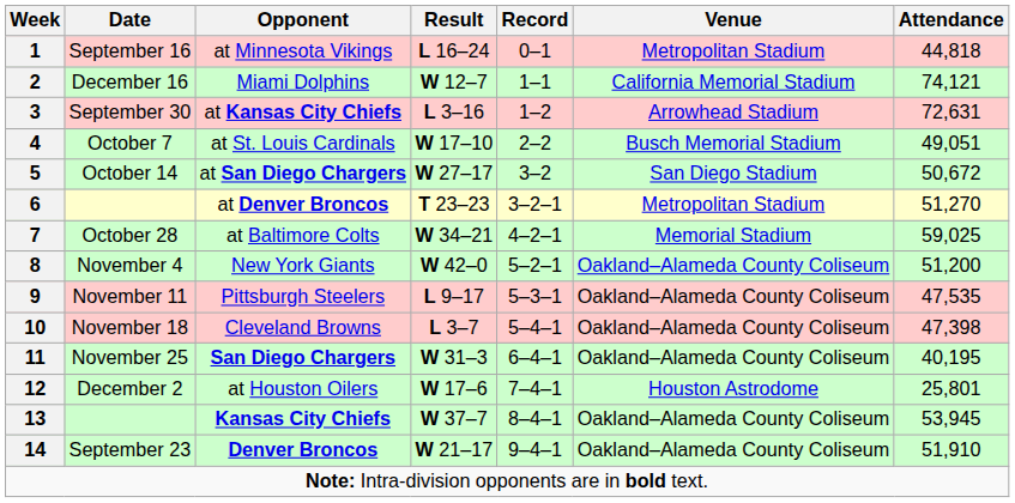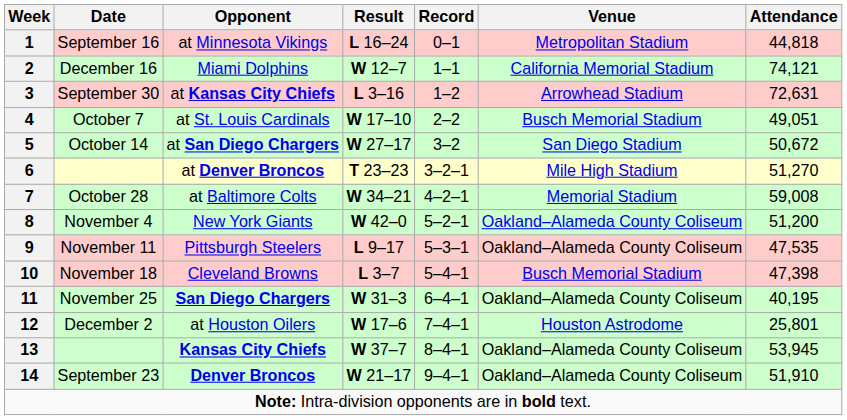 <table class="wikitable" style="text-align:center">
 <tr>
 <th>Week</th>
 <th>Date</th>
 <th>Opponent</th>
 <th>Result</th>
 <th>Record</th>
 <th>Venue</th>
 <th>Attendance</th>
 </tr>
 <tr style="background:#fcc">
 <th>1</th>
 <td>September 16</td>
 <td>at <a href='#'>Minnesota Vikings</a></td>
 <td><strong>L</strong> 16–24</td>
 <td>0–1</td>
 <td><a href='#'>Metropolitan Stadium</a></td>
 <td>44,818</td>
 </tr>
 <tr style="background:#cfc">
 <th>2</th>
 <td>December 16</td>
 <td><a href='#'>Miami Dolphins</a></td>
 <td><strong>W</strong> 12–7</td>
 <td>1–1</td>
 <td><a href='#'>California Memorial Stadium</a></td>
 <td>74,121</td>
 </tr>
 <tr style="background:#fcc">
 <th>3</th>
 <td>September 30</td>
 <td>at <strong><a href='#'>Kansas City Chiefs</a></strong></td>
 <td><strong>L</strong> 3–16</td>
 <td>1–2</td>
 <td><a href='#'>Arrowhead Stadium</a></td>
 <td>72,631</td>
 </tr>
 <tr style="background:#cfc">
 <th>4</th>
 <td>October 7</td>
 <td>at <a href='#'>St. Louis Cardinals</a></td>
 <td><strong>W</strong> 17–10</td>
 <td>2–2</td>
 <td><a href='#'>Busch Memorial Stadium</a></td>
 <td>49,051</td>
 </tr>
 <tr style="background:#cfc">
 <th>5</th>
 <td>October 14</td>
 <td>at <strong><a href='#'>San Diego Chargers</a></strong></td>
 <td><strong>W</strong> 27–17</td>
 <td>3–2</td>
 <td><a href='#'>San Diego Stadium</a></td>
 <td>50,672</td>
 </tr>
 <tr style="background:#ffc">
 <th>6</th>
 <td></td>
 <td>at <strong><a href='#'>Denver Broncos</a></strong></td>
 <td><strong>T</strong> 23–23</td>
 <td>3–2–1</td>
-<td><a href='#'>Metropolitan Stadium</a></td>
+<td><a href='#'>Mile High Stadium</a></td>
 <td>51,270</td>
 </tr>
 <tr style="background:#cfc">
 <th>7</th>
 <td>October 28</td>
 <td>at <a href='#'>Baltimore Colts</a></td>
 <td><strong>W</strong> 34–21</td>
 <td>4–2–1</td>
 <td><a href='#'>Memorial Stadium</a></td>
-<td>59,025</td>
+<td>59,008</td>
 </tr>
 <tr style="background:#cfc">
 <th>8</th>
 <td>November 4</td>
 <td><a href='#'>New York Giants</a></td>
 <td><strong>W</strong> 42–0</td>
 <td>5–2–1</td>
 <td><a href='#'>Oakland–Alameda County Coliseum</a></td>
 <td>51,200</td>
 </tr>
 <tr style="background:#fcc">
 <th>9</th>
 <td>November 11</td>
 <td><a href='#'>Pittsburgh Steelers</a></td>
 <td><strong>L</strong> 9–17</td>
 <td>5–3–1</td>
 <td>Oakland–Alameda County Coliseum</td>
 <td>47,535</td>
 </tr>
 <tr style="background:#fcc">
 <th>10</th>
 <td>November 18</td>
 <td><a href='#'>Cleveland Browns</a></td>
 <td><strong>L</strong> 3–7</td>
 <td>5–4–1</td>
-<td>Oakland–Alameda County Coliseum</td>
+<td><a href='#'>Busch Memorial Stadium</a></td>
 <td>47,398</td>
 </tr>
 <tr style="background:#cfc">
 <th>11</th>
 <td>November 25</td>
 <td><strong><a href='#'>San Diego Chargers</a></strong></td>
 <td><strong>W</strong> 31–3</td>
 <td>6–4–1</td>
 <td>Oakland–Alameda County Coliseum</td>
 <td>40,195</td>
 </tr>
 <tr style="background:#cfc">
 <th>12</th>
 <td>December 2</td>
 <td>at <a href='#'>Houston Oilers</a></td>
 <td><strong>W</strong> 17–6</td>
 <td>7–4–1</td>
 <td><a href='#'>Houston Astrodome</a></td>
 <td>25,801</td>
 </tr>
 <tr style="background:#cfc">
 <th>13</th>
 <td></td>
 <td><strong><a href='#'>Kansas City Chiefs</a></strong></td>
 <td><strong>W</strong> 37–7</td>
 <td>8–4–1</td>
 <td>Oakland–Alameda County Coliseum</td>
 <td>53,945</td>
 </tr>
 <tr style="background:#cfc">
 <th>14</th>
 <td>September 23</td>
 <td><strong><a href='#'>Denver Broncos</a></strong></td>
 <td><strong>W</strong> 21–17</td>
 <td>9–4–1</td>
 <td>Oakland–Alameda County Coliseum</td>
 <td>51,910</td>
 </tr>
 <tr>
 <td colspan="7"><strong>Note:</strong> Intra-division opponents are in <strong>bold</strong> text.</td>
 </tr>
 </table>
